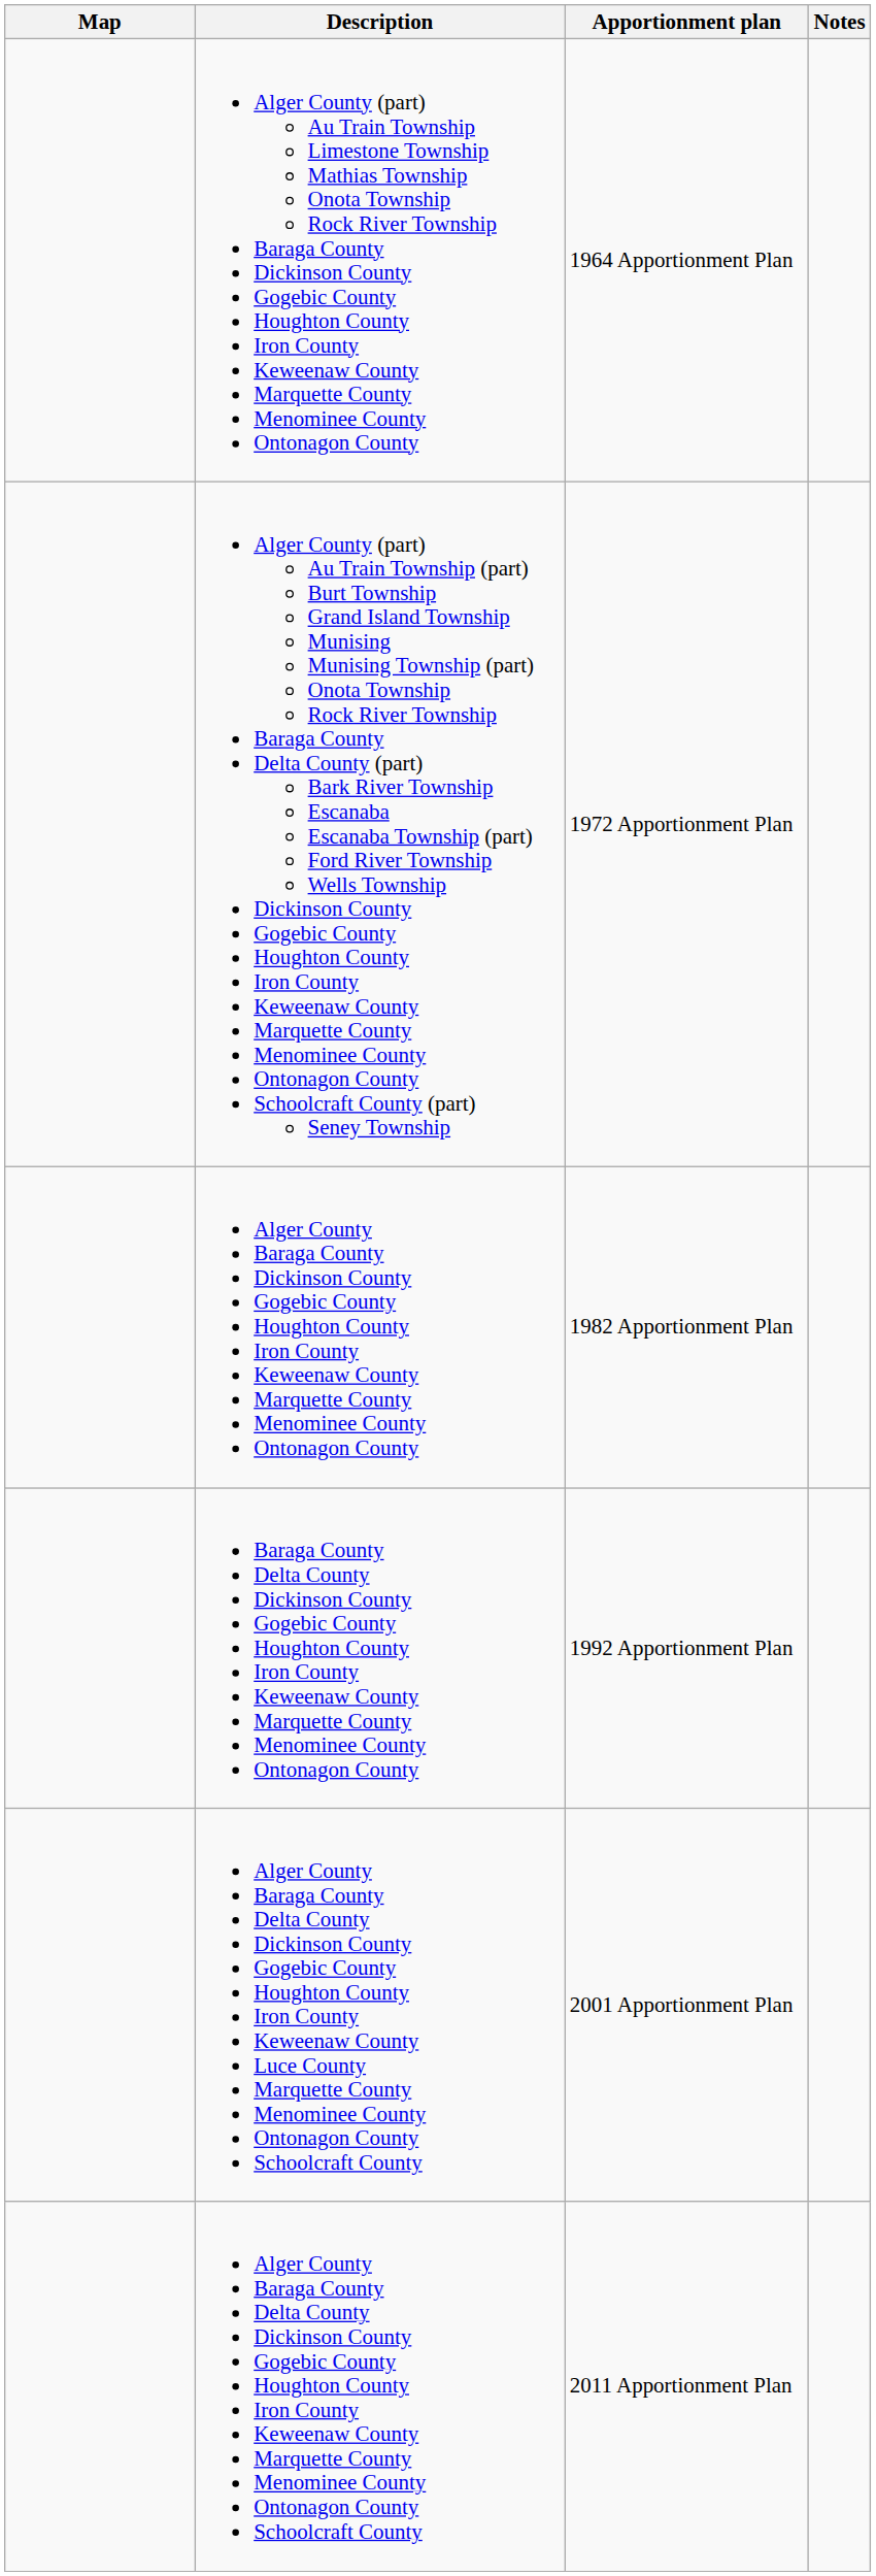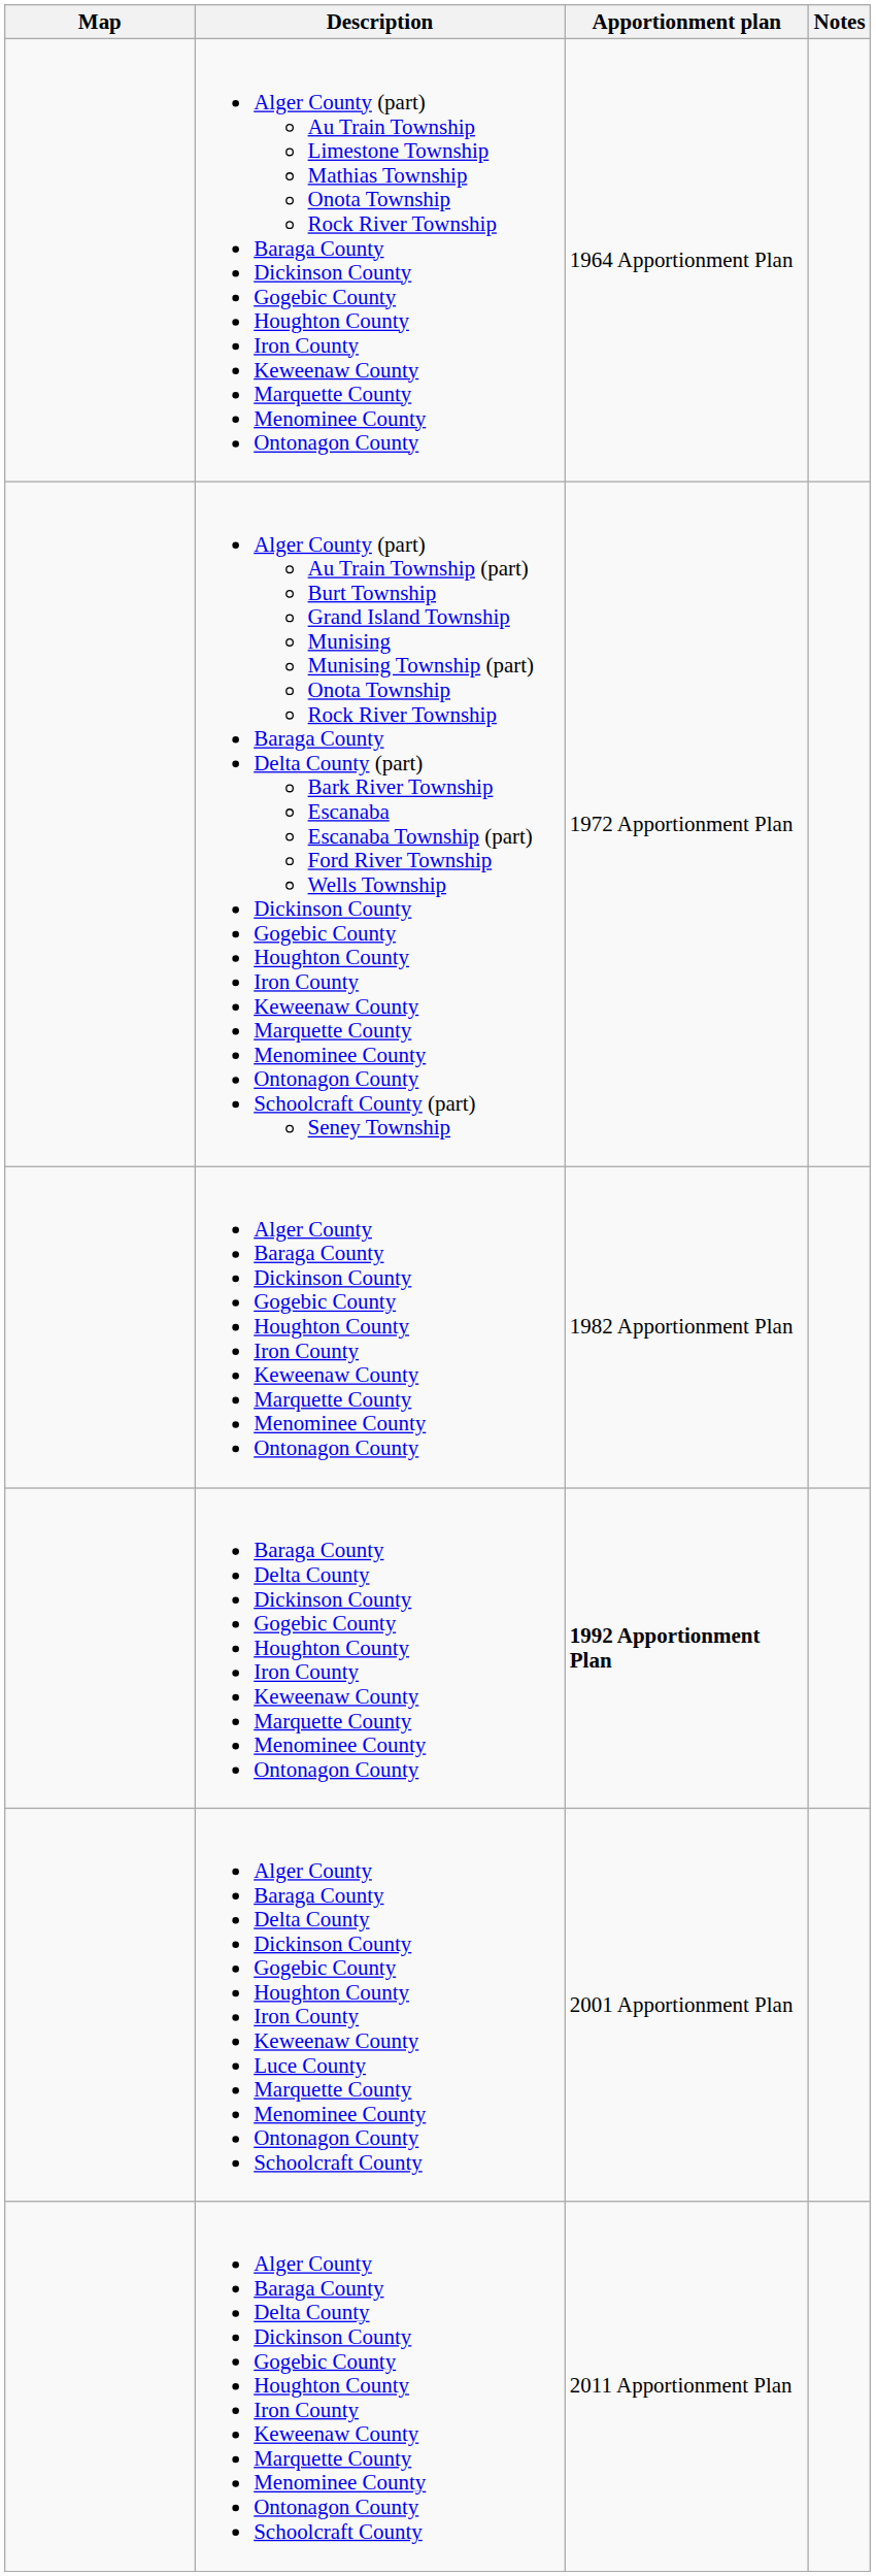 <table class="wikitable sortable">
 <tr>
 <th style="width:100pt;">Map</th>
 <th style="width:200pt;">Description</th>
 <th style="width:130pt;">Apportionment plan</th>
 <th style="width:15pt;">Notes</th>
 </tr>
 <tr>
 <td></td>
 <td><br><ul><li><a href='#'>Alger County</a> (part)<ul><li><a href='#'>Au Train Township</a></li><li><a href='#'>Limestone Township</a></li><li><a href='#'>Mathias Township</a></li><li><a href='#'>Onota Township</a></li><li><a href='#'>Rock River Township</a></li></ul></li><li><a href='#'>Baraga County</a></li><li><a href='#'>Dickinson County</a></li><li><a href='#'>Gogebic County</a></li><li><a href='#'>Houghton County</a></li><li><a href='#'>Iron County</a></li><li><a href='#'>Keweenaw County</a></li><li><a href='#'>Marquette County</a></li><li><a href='#'>Menominee County</a></li><li><a href='#'>Ontonagon County</a></li></ul></td>
 <td>1964 Apportionment Plan</td>
 <td></td>
 </tr>
 <tr>
 <td></td>
 <td><br><ul><li><a href='#'>Alger County</a> (part)<ul><li><a href='#'>Au Train Township</a> (part)</li><li><a href='#'>Burt Township</a></li><li><a href='#'>Grand Island Township</a></li><li><a href='#'>Munising</a></li><li><a href='#'>Munising Township</a> (part)</li><li><a href='#'>Onota Township</a></li><li><a href='#'>Rock River Township</a></li></ul></li><li><a href='#'>Baraga County</a></li><li><a href='#'>Delta County</a> (part)<ul><li><a href='#'>Bark River Township</a></li><li><a href='#'>Escanaba</a></li><li><a href='#'>Escanaba Township</a> (part)</li><li><a href='#'>Ford River Township</a></li><li><a href='#'>Wells Township</a></li></ul></li><li><a href='#'>Dickinson County</a></li><li><a href='#'>Gogebic County</a></li><li><a href='#'>Houghton County</a></li><li><a href='#'>Iron County</a></li><li><a href='#'>Keweenaw County</a></li><li><a href='#'>Marquette County</a></li><li><a href='#'>Menominee County</a></li><li><a href='#'>Ontonagon County</a></li><li><a href='#'>Schoolcraft County</a> (part)<ul><li><a href='#'>Seney Township</a></li></ul></li></ul></td>
 <td>1972 Apportionment Plan</td>
 <td></td>
 </tr>
 <tr>
 <td></td>
 <td><br><ul><li><a href='#'>Alger County</a></li><li><a href='#'>Baraga County</a></li><li><a href='#'>Dickinson County</a></li><li><a href='#'>Gogebic County</a></li><li><a href='#'>Houghton County</a></li><li><a href='#'>Iron County</a></li><li><a href='#'>Keweenaw County</a></li><li><a href='#'>Marquette County</a></li><li><a href='#'>Menominee County</a></li><li><a href='#'>Ontonagon County</a></li></ul></td>
 <td>1982 Apportionment Plan</td>
 <td></td>
 </tr>
 <tr>
 <td></td>
 <td><br><ul><li><a href='#'>Baraga County</a></li><li><a href='#'>Delta County</a></li><li><a href='#'>Dickinson County</a></li><li><a href='#'>Gogebic County</a></li><li><a href='#'>Houghton County</a></li><li><a href='#'>Iron County</a></li><li><a href='#'>Keweenaw County</a></li><li><a href='#'>Marquette County</a></li><li><a href='#'>Menominee County</a></li><li><a href='#'>Ontonagon County</a></li></ul></td>
-<td>1992 Apportionment Plan</td>
+<td><strong>1992 Apportionment Plan</strong></td>
 <td></td>
 </tr>
 <tr>
 <td></td>
 <td><br><ul><li><a href='#'>Alger County</a></li><li><a href='#'>Baraga County</a></li><li><a href='#'>Delta County</a></li><li><a href='#'>Dickinson County</a></li><li><a href='#'>Gogebic County</a></li><li><a href='#'>Houghton County</a></li><li><a href='#'>Iron County</a></li><li><a href='#'>Keweenaw County</a></li><li><a href='#'>Luce County</a></li><li><a href='#'>Marquette County</a></li><li><a href='#'>Menominee County</a></li><li><a href='#'>Ontonagon County</a></li><li><a href='#'>Schoolcraft County</a></li></ul></td>
 <td>2001 Apportionment Plan</td>
 <td></td>
 </tr>
 <tr>
 <td></td>
 <td><br><ul><li><a href='#'>Alger County</a></li><li><a href='#'>Baraga County</a></li><li><a href='#'>Delta County</a></li><li><a href='#'>Dickinson County</a></li><li><a href='#'>Gogebic County</a></li><li><a href='#'>Houghton County</a></li><li><a href='#'>Iron County</a></li><li><a href='#'>Keweenaw County</a></li><li><a href='#'>Marquette County</a></li><li><a href='#'>Menominee County</a></li><li><a href='#'>Ontonagon County</a></li><li><a href='#'>Schoolcraft County</a></li></ul></td>
 <td>2011 Apportionment Plan</td>
 <td></td>
 </tr>
 <tr>
 </tr>
 </table>
